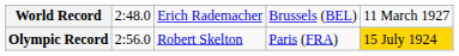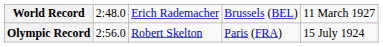 <table class="wikitable">
 <tr>
 <th>World Record</th>
 <td>2:48.0</td>
 <td> <a href='#'>Erich Rademacher</a></td>
 <td><a href='#'>Brussels</a> (<a href='#'>BEL</a>)</td>
 <td>11 March 1927</td>
 </tr>
 <tr>
 <th>Olympic Record</th>
 <td>2:56.0</td>
 <td> <a href='#'>Robert Skelton</a></td>
 <td><a href='#'>Paris</a> (<a href='#'>FRA</a>)</td>
-<td style="background: gold;">15 July 1924</td>
+<td>15 July 1924</td>
 </tr>
 </table>
